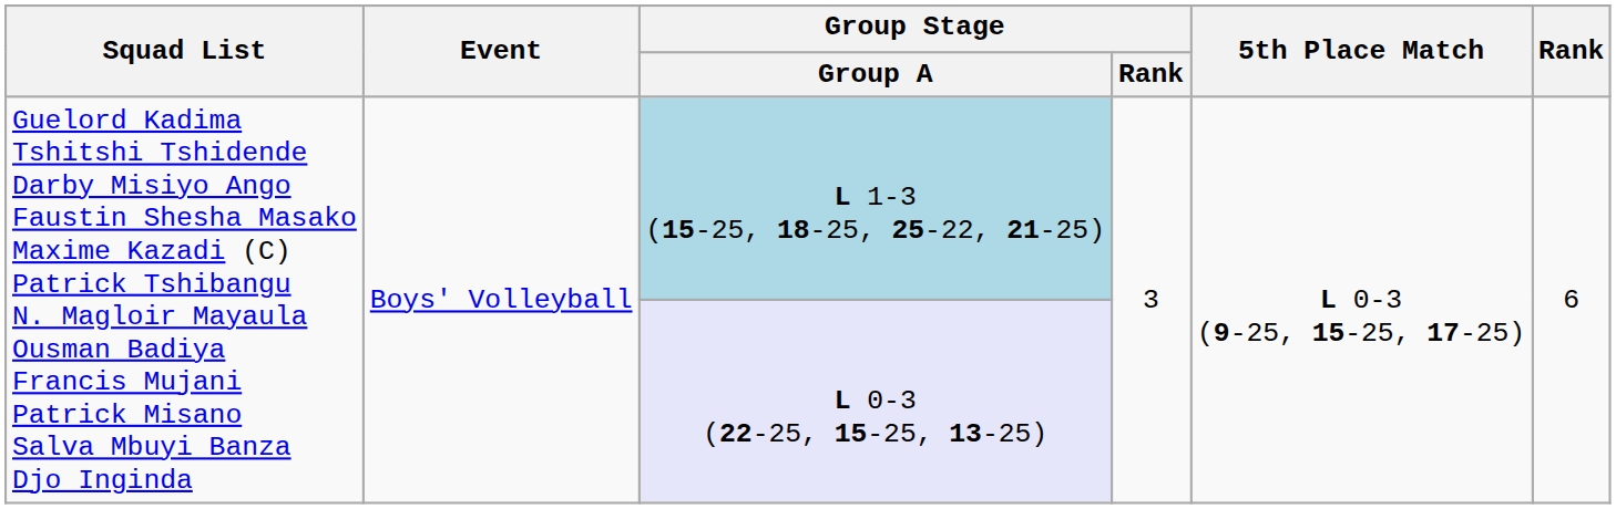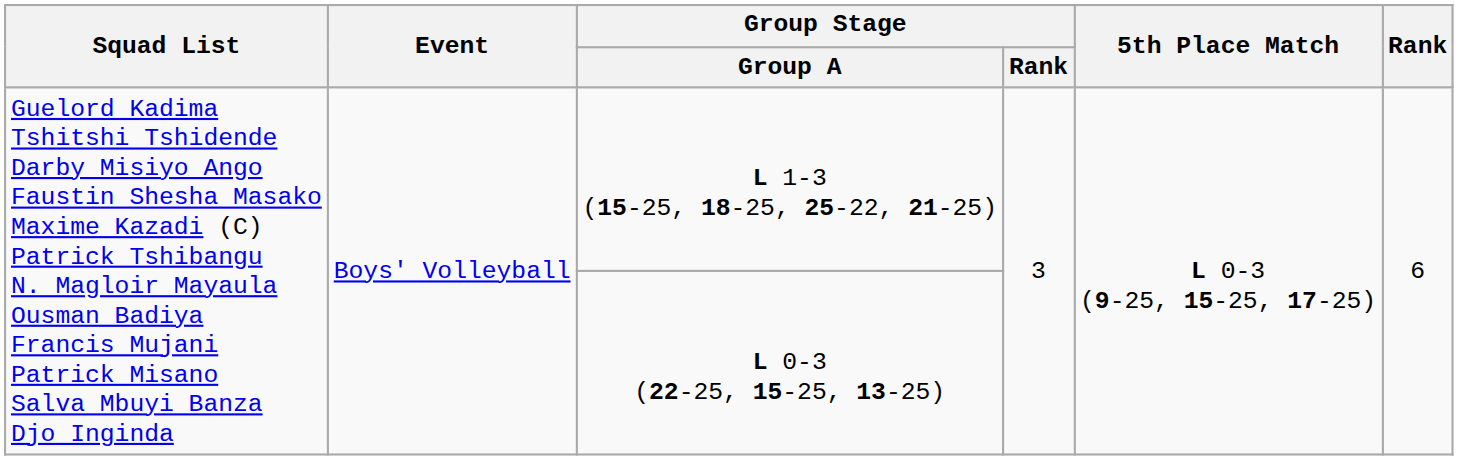 <table class=wikitable style="font-size:90%">
 <tr>
 <th rowspan=2>Squad List</th>
 <th rowspan=2>Event</th>
 <th colspan=2>Group Stage</th>
 <th rowspan=2>5th Place Match</th>
 <th rowspan=2>Rank</th>
 </tr>
 <tr>
 <th>Group A</th>
 <th>Rank</th>
 </tr>
 <tr>
 <td rowspan=2><a href='#'>Guelord Kadima</a><br><a href='#'>Tshitshi Tshidende</a><br><a href='#'>Darby Misiyo Ango</a><br><a href='#'>Faustin Shesha Masako</a><br><a href='#'>Maxime Kazadi</a> (C)<br><a href='#'>Patrick Tshibangu</a><br><a href='#'>N. Magloir Mayaula</a><br><a href='#'>Ousman Badiya</a><br><a href='#'>Francis Mujani</a><br><a href='#'>Patrick Misano</a><br><a href='#'>Salva Mbuyi Banza</a><br><a href='#'>Djo Inginda</a></td>
 <td rowspan=2><a href='#'>Boys' Volleyball</a></td>
-<td align=center style="background: lightblue;"><br> <strong>L</strong> 1-3<br> (<strong>15</strong>-25, <strong>18</strong>-25, <strong>25</strong>-22, <strong>21</strong>-25)</td>
+<td align=center><br> <strong>L</strong> 1-3<br> (<strong>15</strong>-25, <strong>18</strong>-25, <strong>25</strong>-22, <strong>21</strong>-25)</td>
 <td rowspan=2 align=center>3</td>
 <td rowspan=2 align=center><br> <strong>L</strong> 0-3<br> (<strong>9</strong>-25, <strong>15</strong>-25, <strong>17</strong>-25)</td>
 <td rowspan=2 align=center>6</td>
 </tr>
 <tr>
-<td align=center style="background: lavender;"><br> <strong>L</strong> 0-3<br> (<strong>22</strong>-25, <strong>15</strong>-25, <strong>13</strong>-25)</td>
+<td align=center><br> <strong>L</strong> 0-3<br> (<strong>22</strong>-25, <strong>15</strong>-25, <strong>13</strong>-25)</td>
 </tr>
 </table>
